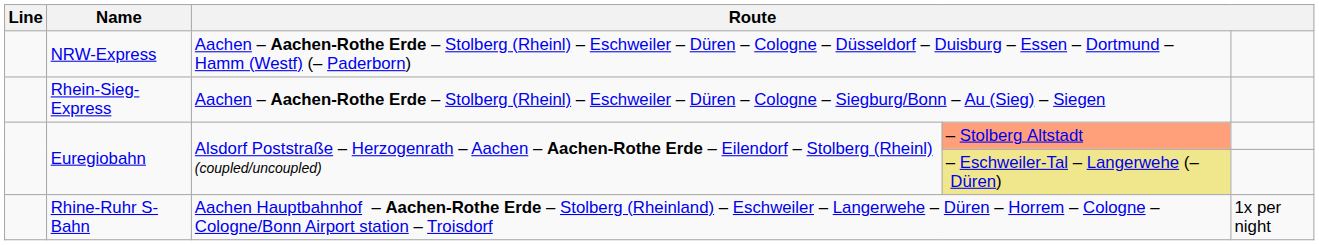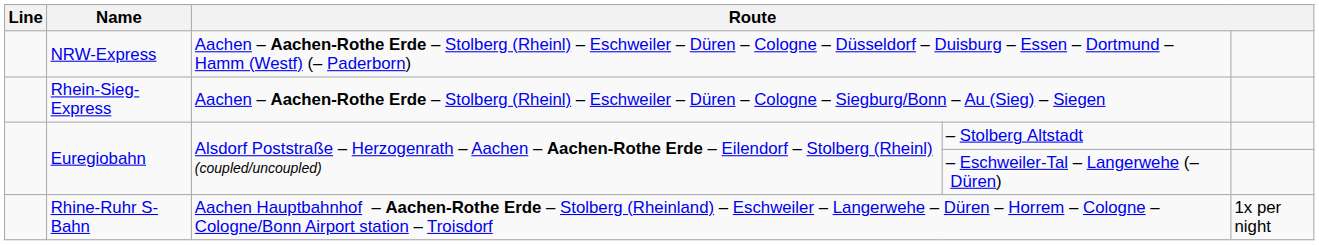 <table class="wikitable">
 <tr>
 <th>Line</th>
 <th>Name</th>
 <th colspan="3">Route</th>
 </tr>
 <tr>
 <td></td>
 <td><a href='#'>NRW-Express</a></td>
 <td colspan="2"><a href='#'>Aachen</a> – <strong>Aachen-Rothe Erde</strong> – <a href='#'>Stolberg (Rheinl)</a> – <a href='#'>Eschweiler</a> – <a href='#'>Düren</a> – <a href='#'>Cologne</a> – <a href='#'>Düsseldorf</a> – <a href='#'>Duisburg</a> – <a href='#'>Essen</a> – <a href='#'>Dortmund</a> – <a href='#'>Hamm (Westf)</a> (– <a href='#'>Paderborn</a>)</td>
 <td></td>
 </tr>
 <tr>
 <td></td>
 <td><a href='#'>Rhein-Sieg-Express</a></td>
 <td colspan="2"><a href='#'>Aachen</a> – <strong>Aachen-Rothe Erde</strong> – <a href='#'>Stolberg (Rheinl)</a> – <a href='#'>Eschweiler</a> – <a href='#'>Düren</a> – <a href='#'>Cologne</a> – <a href='#'>Siegburg/Bonn</a> – <a href='#'>Au (Sieg)</a> – <a href='#'>Siegen</a></td>
 <td></td>
 </tr>
 <tr>
 <td rowspan="2"></td>
 <td rowspan="2"><a href='#'>Euregiobahn</a></td>
 <td rowspan="2"><a href='#'>Alsdorf Poststraße</a> – <a href='#'>Herzogenrath</a> – <a href='#'>Aachen</a> – <strong>Aachen-Rothe Erde</strong> – <a href='#'>Eilendorf</a> – <a href='#'>Stolberg (Rheinl)</a> <small><em>(coupled/uncoupled)</em></small></td>
-<td style="background: lightsalmon;">– <a href='#'>Stolberg Altstadt</a></td>
+<td>– <a href='#'>Stolberg Altstadt</a></td>
 <td></td>
 </tr>
 <tr>
-<td style="background: khaki;">– <a href='#'>Eschweiler-Tal</a> – <a href='#'>Langerwehe</a> (– <a href='#'>Düren</a>)</td>
+<td>– <a href='#'>Eschweiler-Tal</a> – <a href='#'>Langerwehe</a> (– <a href='#'>Düren</a>)</td>
 <td></td>
 </tr>
 <tr>
 <td></td>
 <td><a href='#'>Rhine-Ruhr S-Bahn</a></td>
 <td colspan="2"><a href='#'>Aachen Hauptbahnhof</a>  – <strong>Aachen-Rothe Erde</strong> – <a href='#'>Stolberg (Rheinland)</a> – <a href='#'>Eschweiler</a> – <a href='#'>Langerwehe</a> – <a href='#'>Düren</a> – <a href='#'>Horrem</a> – <a href='#'>Cologne</a> – <a href='#'>Cologne/Bonn Airport station</a> – <a href='#'>Troisdorf</a></td>
 <td>1x per night</td>
 </tr>
 </table>
